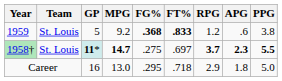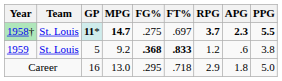 <table class="wikitable sortable" style="font-size:95%; text-align:right;">
 <tr>
 <th>Year</th>
 <th>Team</th>
 <th>GP</th>
 <th>MPG</th>
 <th>FG%</th>
 <th>FT%</th>
 <th>RPG</th>
 <th>APG</th>
 <th>PPG</th>
 </tr>
 <tr>
+<td style="text-align:left;background:#afe6ba;"><a href='#'>1958</a>†</td>
+<td style="text-align:left;"><a href='#'>St. Louis</a></td>
+<td bgcolor="CFECEC"><strong>11</strong>*</td>
+<td><strong>14.7</strong></td>
+<td>.275</td>
+<td>.697</td>
+<td><strong>3.7</strong></td>
+<td><strong>2.3</strong></td>
+<td><strong>5.5</strong></td>
+</tr>
+<tr>
 <td style="text-align:left;"><a href='#'>1959</a></td>
 <td style="text-align:left;"><a href='#'>St. Louis</a></td>
 <td>5</td>
 <td>9.2</td>
 <td><strong>.368</strong></td>
 <td><strong>.833</strong></td>
 <td>1.2</td>
 <td>.6</td>
 <td>3.8</td>
-</tr>
-<tr>
-<td style="text-align:left;background:#afe6ba;"><a href='#'>1958</a>†</td>
-<td style="text-align:left;"><a href='#'>St. Louis</a></td>
-<td bgcolor="CFECEC"><strong>11</strong>*</td>
-<td><strong>14.7</strong></td>
-<td>.275</td>
-<td>.697</td>
-<td><strong>3.7</strong></td>
-<td><strong>2.3</strong></td>
-<td><strong>5.5</strong></td>
 </tr>
 <tr>
 <td colspan="2" style="text-align:center;">Career</td>
 <td>16</td>
 <td>13.0</td>
 <td>.295</td>
 <td>.718</td>
 <td>2.9</td>
 <td>1.8</td>
 <td>5.0</td>
 </tr>
 </table>
